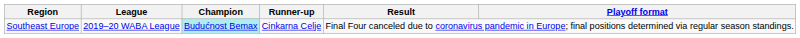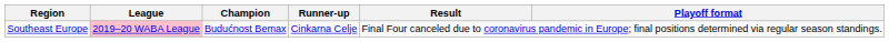 <table class="wikitable" style="font-size:90%">
 <tr>
 <th>Region</th>
 <th>League</th>
 <th>Champion</th>
 <th>Runner-up</th>
 <th>Result</th>
 <th><a href='#'>Playoff format</a></th>
 </tr>
 <tr>
 <td><a href='#'>Southeast Europe</a></td>
-<td><a href='#'>2019–20 WABA League</a></td>
-<td style="background: paleturquoise;"> <a href='#'>Budućnost Bemax</a></td>
+<td style="background: pink;"><a href='#'>2019–20 WABA League</a></td>
+<td> <a href='#'>Budućnost Bemax</a></td>
 <td> <a href='#'>Cinkarna Celje</a></td>
 <td colspan="2">Final Four canceled due to <a href='#'>coronavirus pandemic in Europe</a>; final positions determined via regular season standings.</td>
 </tr>
 </table>
